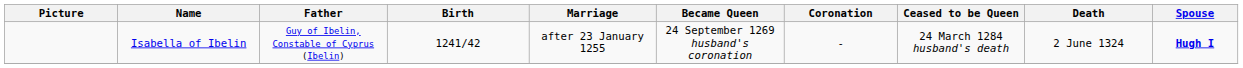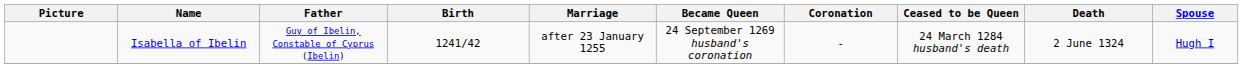 <table width=95% class="wikitable">
 <tr>
 <th width = "8%">Picture</th>
 <th width = "10%">Name</th>
 <th width = "9%">Father</th>
 <th width = "10%">Birth</th>
 <th width = "9%">Marriage</th>
 <th width = "9%">Became Queen</th>
 <th width = "8%">Coronation</th>
 <th width = "9%">Ceased to be Queen</th>
 <th width = "9%">Death</th>
 <th width = "6%"><a href='#'>Spouse</a></th>
 </tr>
 <tr>
 <td align="center"></td>
 <td align="center"><a href='#'>Isabella of Ibelin</a></td>
 <td align="center"><small><a href='#'>Guy of Ibelin, Constable of Cyprus</a><br>(<a href='#'>Ibelin</a>)</small></td>
 <td align="center">1241/42</td>
 <td align="center">after 23 January 1255</td>
 <td align="center">24 September 1269<br><em>husband's coronation</em></td>
 <td align="center">-</td>
 <td align="center">24 March 1284<br><em>husband's death</em></td>
 <td align="center">2 June 1324</td>
-<td align="center"><strong><a href='#'>Hugh I</a></strong></td>
+<td align="center"><a href='#'>Hugh I</a></td>
 </tr>
 <tr>
 </tr>
 </table>
